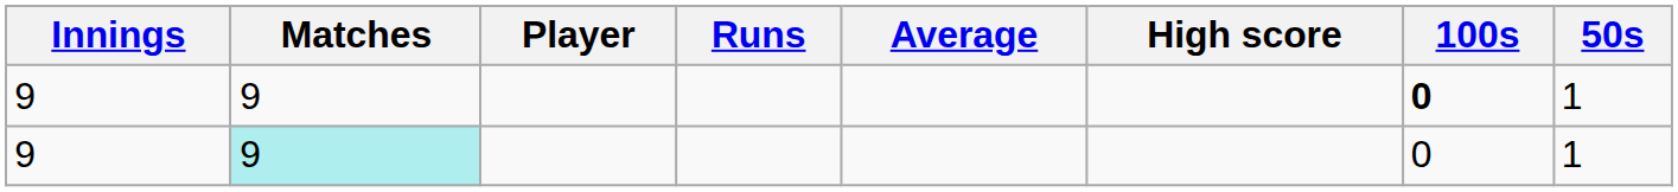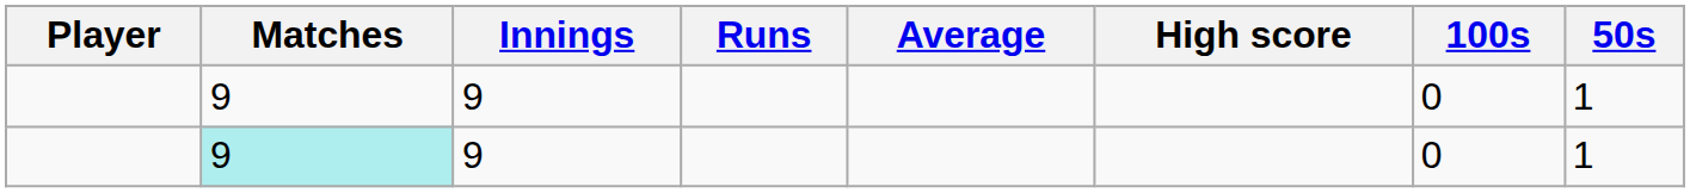 <table class="wikitable sortable" style="width:80%;">
 <tr>
+<th>Player</th>
+<th>Matches</th>
 <th><a href='#'>Innings</a></th>
-<th>Matches</th>
-<th>Player</th>
 <th><a href='#'>Runs</a></th>
 <th><a href='#'>Average</a></th>
 <th>High score</th>
 <th><a href='#'>100s</a></th>
 <th><a href='#'>50s</a></th>
 </tr>
 <tr>
+<td></td>
 <td>9</td>
 <td>9</td>
 <td></td>
 <td></td>
 <td></td>
-<td></td>
-<td><strong>0</strong></td>
+<td>0</td>
 <td>1</td>
 </tr>
 <tr>
+<td></td>
+<td style="background: paleturquoise;">9</td>
 <td>9</td>
-<td style="background: paleturquoise;">9</td>
-<td></td>
 <td></td>
 <td></td>
 <td></td>
 <td>0</td>
 <td>1</td>
 </tr>
 </table>
